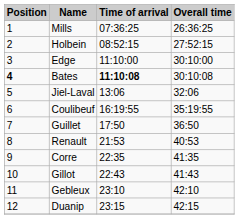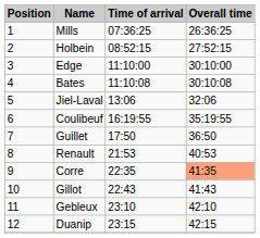 <table class="wikitable" style="font-size:95%;">
 <tr>
 <th scope=col style="background-color:#CCCCCC;">Position</th>
 <th scope=col style="background-color:#CCCCCC;">Name</th>
 <th scope=col style="background-color:#CCCCCC;">Time of arrival</th>
 <th scope=col style="background-color:#CCCCCC;">Overall time</th>
 </tr>
 <tr>
 <td>1</td>
 <td>Mills</td>
 <td>07:36:25</td>
 <td>26:36:25</td>
 </tr>
 <tr>
 <td>2</td>
 <td>Holbein</td>
 <td>08:52:15</td>
 <td>27:52:15</td>
 </tr>
 <tr>
 <td>3</td>
 <td>Edge</td>
 <td>11:10:00</td>
 <td>30:10:00</td>
 </tr>
 <tr>
-<td><strong>4</strong></td>
+<td>4</td>
 <td>Bates</td>
-<td><strong>11:10:08</strong></td>
+<td>11:10:08</td>
 <td>30:10:08</td>
 </tr>
 <tr>
 <td>5</td>
 <td>Jiel-Laval</td>
 <td>13:06</td>
 <td>32:06</td>
 </tr>
 <tr>
 <td>6</td>
 <td>Coulibeuf</td>
 <td>16:19:55</td>
 <td>35:19:55</td>
 </tr>
 <tr>
 <td>7</td>
 <td>Guillet</td>
 <td>17:50</td>
 <td>36:50</td>
 </tr>
 <tr>
 <td>8</td>
 <td>Renault</td>
 <td>21:53</td>
 <td>40:53</td>
 </tr>
 <tr>
 <td>9</td>
 <td>Corre</td>
 <td>22:35</td>
-<td>41:35</td>
+<td style="background: lightsalmon;">41:35</td>
 </tr>
 <tr>
 <td>10</td>
 <td>Gillot</td>
 <td>22:43</td>
 <td>41:43</td>
 </tr>
 <tr>
 <td>11</td>
 <td>Gebleux</td>
 <td>23:10</td>
 <td>42:10</td>
 </tr>
 <tr>
 <td>12</td>
 <td>Duanip</td>
 <td>23:15</td>
 <td>42:15</td>
 </tr>
 <tr>
 </tr>
 </table>
